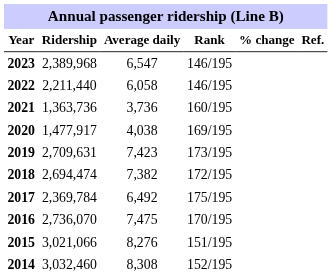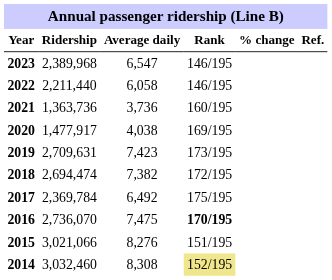 <table class="toccolours" cellpadding="4" cellspacing="0" style="text-align:right;">
 <tr>
 <th colspan="6"  style="background-color:#ccf; background-color:#ccf; font-size:110%; text-align:center;">Annual passenger ridership (Line B)</th>
 </tr>
 <tr style="font-size:95%; text-align:center">
 <th style="border-bottom:1px solid black">Year</th>
 <th style="border-bottom:1px solid black">Ridership</th>
 <th style="border-bottom:1px solid black">Average daily</th>
 <th style="border-bottom:1px solid black">Rank</th>
 <th style="border-bottom:1px solid black">% change</th>
 <th style="border-bottom:1px solid black">Ref.</th>
 </tr>
 <tr style="text-align:center;">
 <td><strong>2023</strong></td>
 <td>2,389,968</td>
 <td>6,547</td>
 <td>146/195</td>
 <td></td>
 <td></td>
 </tr>
 <tr style="text-align:center;">
 <td><strong>2022</strong></td>
 <td>2,211,440</td>
 <td>6,058</td>
 <td>146/195</td>
 <td></td>
 <td></td>
 </tr>
 <tr style="text-align:center;">
 <td><strong>2021</strong></td>
 <td>1,363,736</td>
 <td>3,736</td>
 <td>160/195</td>
 <td></td>
 <td></td>
 </tr>
 <tr style="text-align:center;">
 <td><strong>2020</strong></td>
 <td>1,477,917</td>
 <td>4,038</td>
 <td>169/195</td>
 <td></td>
 <td></td>
 </tr>
 <tr style="text-align:center;">
 <td><strong>2019</strong></td>
 <td>2,709,631</td>
 <td>7,423</td>
 <td>173/195</td>
 <td></td>
 <td></td>
 </tr>
 <tr style="text-align:center;">
 <td><strong>2018</strong></td>
 <td>2,694,474</td>
 <td>7,382</td>
 <td>172/195</td>
 <td></td>
 <td></td>
 </tr>
 <tr style="text-align:center;">
 <td><strong>2017</strong></td>
 <td>2,369,784</td>
 <td>6,492</td>
 <td>175/195</td>
 <td></td>
 <td></td>
 </tr>
 <tr style="text-align:center;">
 <td><strong>2016</strong></td>
 <td>2,736,070</td>
 <td>7,475</td>
-<td>170/195</td>
+<td><strong>170/195</strong></td>
 <td></td>
 <td></td>
 </tr>
 <tr style="text-align:center;">
 <td><strong>2015</strong></td>
 <td>3,021,066</td>
 <td>8,276</td>
 <td>151/195</td>
 <td></td>
 <td></td>
 </tr>
 <tr style="text-align:center;">
 <td><strong>2014</strong></td>
 <td>3,032,460</td>
 <td>8,308</td>
-<td>152/195</td>
+<td style="background: khaki;">152/195</td>
 <td></td>
 <td></td>
 </tr>
 </table>
